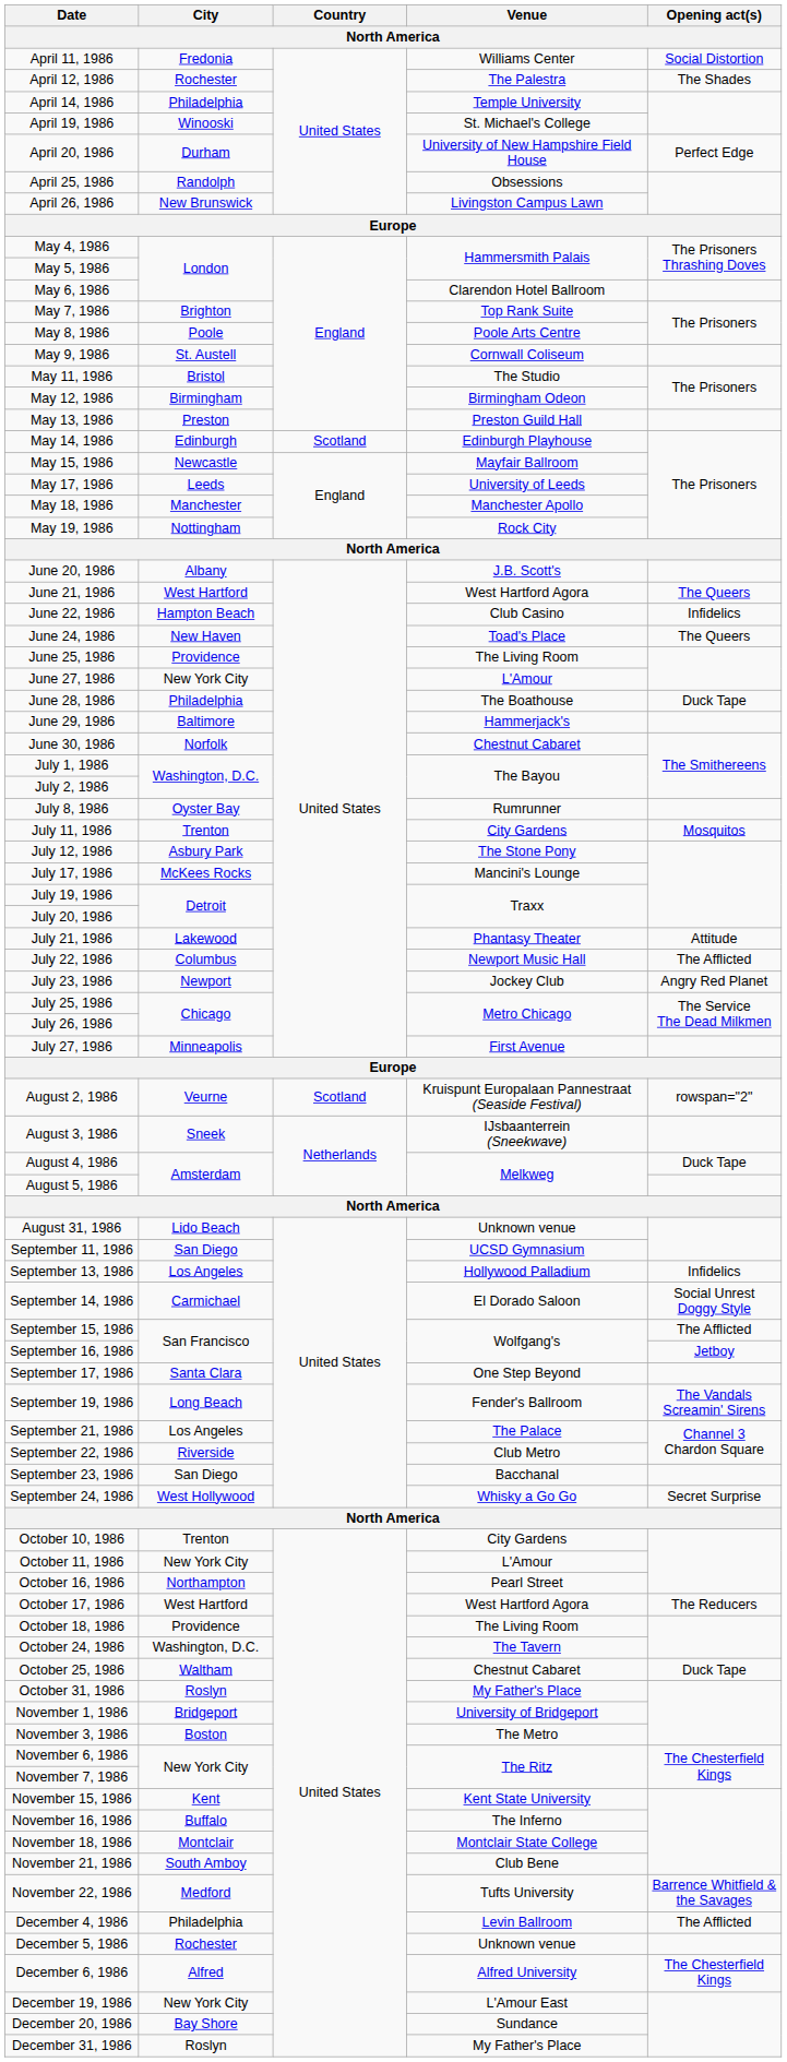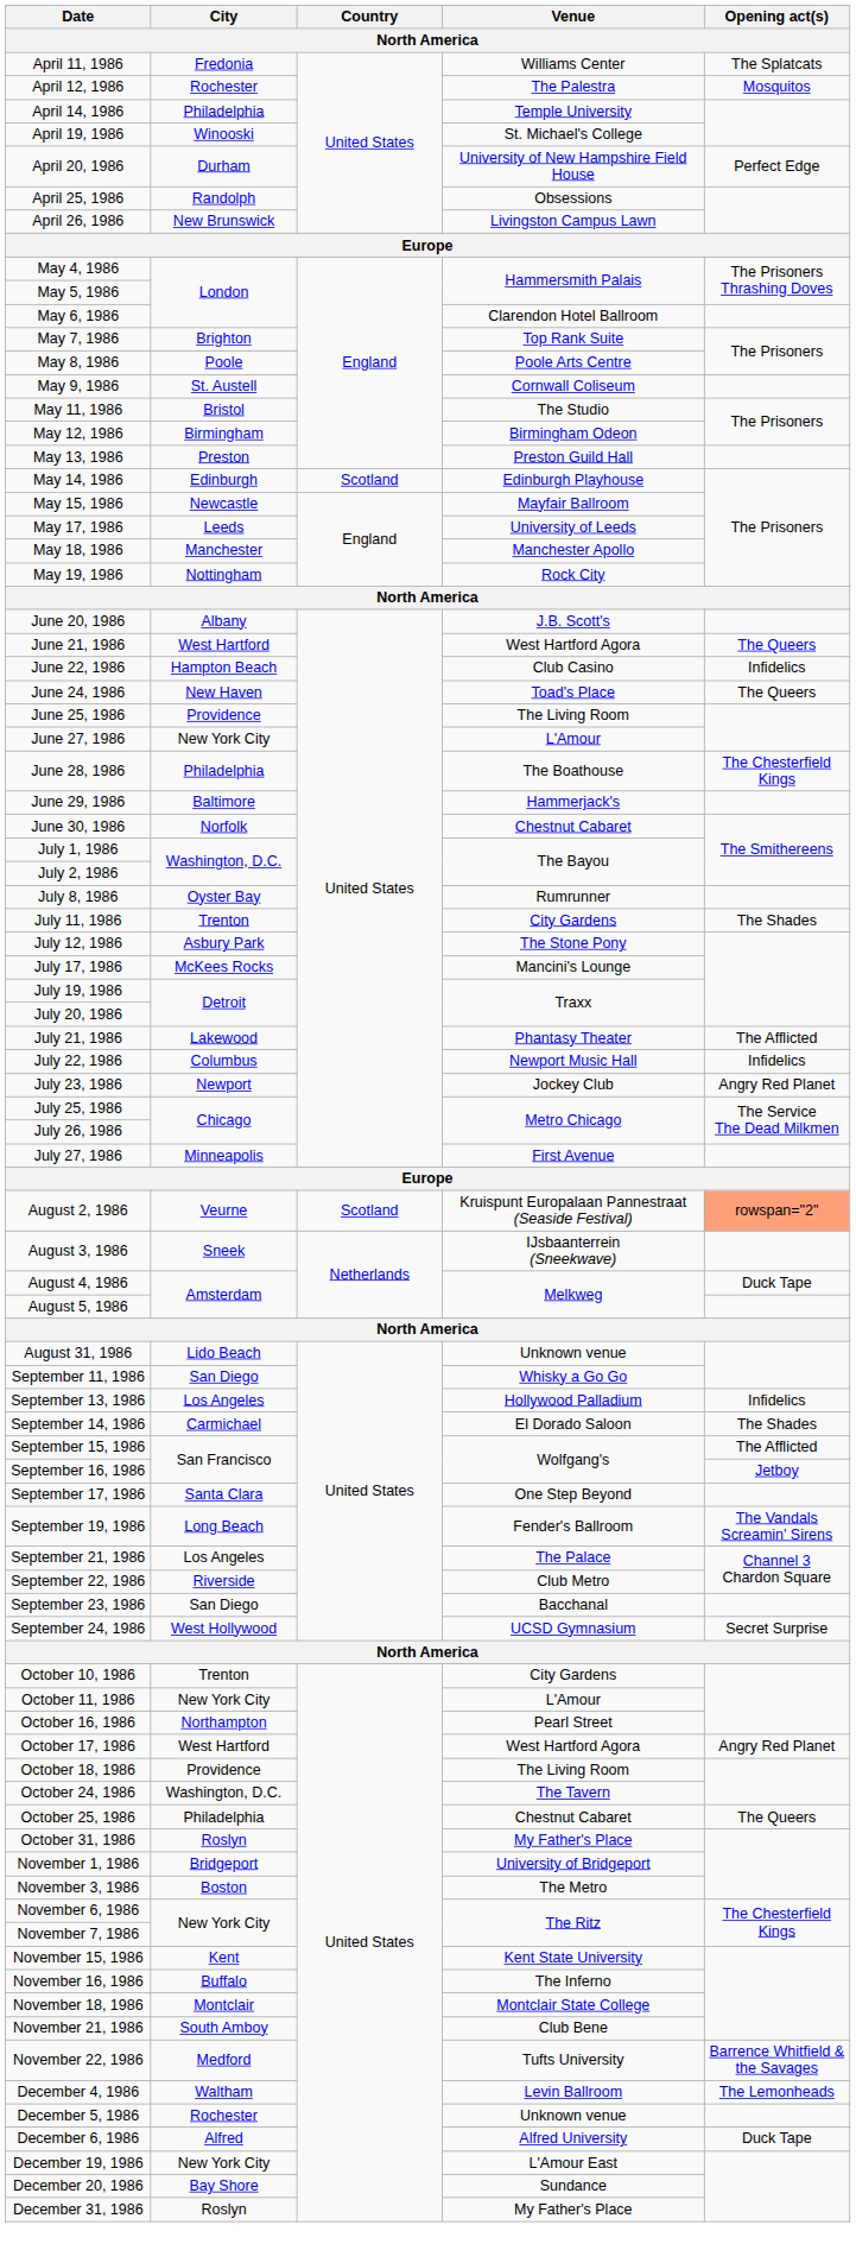 <table class="wikitable" style="text-align:center;">
 <tr>
 <th width="150">Date</th>
 <th width="150">City</th>
 <th width="150">Country</th>
 <th width="275">Venue</th>
 <th width="150">Opening act(s)</th>
 </tr>
 <tr>
 <th colspan="5">North America</th>
 </tr>
 <tr>
 <td>April 11, 1986</td>
 <td><a href='#'>Fredonia</a></td>
 <td rowspan="7"><a href='#'>United States</a></td>
 <td>Williams Center</td>
-<td><a href='#'>Social Distortion</a></td>
+<td>The Splatcats</td>
 </tr>
 <tr>
 <td>April 12, 1986</td>
 <td><a href='#'>Rochester</a></td>
 <td><a href='#'>The Palestra</a></td>
-<td>The Shades</td>
+<td><a href='#'>Mosquitos</a></td>
 </tr>
 <tr>
 <td>April 14, 1986</td>
 <td><a href='#'>Philadelphia</a></td>
 <td><a href='#'>Temple University</a></td>
 <td rowspan="2"></td>
 </tr>
 <tr>
 <td>April 19, 1986</td>
 <td><a href='#'>Winooski</a></td>
 <td>St. Michael's College</td>
 </tr>
 <tr>
 <td>April 20, 1986</td>
 <td><a href='#'>Durham</a></td>
 <td><a href='#'>University of New Hampshire Field House</a></td>
 <td>Perfect Edge</td>
 </tr>
 <tr>
 <td>April 25, 1986</td>
 <td><a href='#'>Randolph</a></td>
 <td>Obsessions</td>
 <td rowspan="2"></td>
 </tr>
 <tr>
 <td>April 26, 1986</td>
 <td><a href='#'>New Brunswick</a></td>
 <td><a href='#'>Livingston Campus Lawn</a></td>
 </tr>
 <tr>
 <th colspan="5">Europe</th>
 </tr>
 <tr>
 <td>May 4, 1986</td>
 <td rowspan="3"><a href='#'>London</a></td>
 <td rowspan="9"><a href='#'>England</a></td>
 <td rowspan="2"><a href='#'>Hammersmith Palais</a></td>
 <td rowspan="2">The Prisoners<br><a href='#'>Thrashing Doves</a></td>
 </tr>
 <tr>
 <td>May 5, 1986</td>
 </tr>
 <tr>
 <td>May 6, 1986</td>
 <td>Clarendon Hotel Ballroom</td>
 <td></td>
 </tr>
 <tr>
 <td>May 7, 1986</td>
 <td><a href='#'>Brighton</a></td>
 <td><a href='#'>Top Rank Suite</a></td>
 <td rowspan="2">The Prisoners</td>
 </tr>
 <tr>
 <td>May 8, 1986</td>
 <td><a href='#'>Poole</a></td>
 <td><a href='#'>Poole Arts Centre</a></td>
 </tr>
 <tr>
 <td>May 9, 1986</td>
 <td><a href='#'>St. Austell</a></td>
 <td><a href='#'>Cornwall Coliseum</a></td>
 <td></td>
 </tr>
 <tr>
 <td>May 11, 1986</td>
 <td><a href='#'>Bristol</a></td>
 <td>The Studio</td>
 <td rowspan="2">The Prisoners</td>
 </tr>
 <tr>
 <td>May 12, 1986</td>
 <td><a href='#'>Birmingham</a></td>
 <td><a href='#'>Birmingham Odeon</a></td>
 </tr>
 <tr>
 <td>May 13, 1986</td>
 <td><a href='#'>Preston</a></td>
 <td><a href='#'>Preston Guild Hall</a></td>
 <td></td>
 </tr>
 <tr>
 <td>May 14, 1986</td>
 <td><a href='#'>Edinburgh</a></td>
 <td><a href='#'>Scotland</a></td>
 <td><a href='#'>Edinburgh Playhouse</a></td>
 <td rowspan="5">The Prisoners</td>
 </tr>
 <tr>
 <td>May 15, 1986</td>
 <td><a href='#'>Newcastle</a></td>
 <td rowspan="4">England</td>
 <td><a href='#'>Mayfair Ballroom</a></td>
 </tr>
 <tr>
 <td>May 17, 1986</td>
 <td><a href='#'>Leeds</a></td>
 <td><a href='#'>University of Leeds</a></td>
 </tr>
 <tr>
 <td>May 18, 1986</td>
 <td><a href='#'>Manchester</a></td>
 <td><a href='#'>Manchester Apollo</a></td>
 </tr>
 <tr>
 <td>May 19, 1986</td>
 <td><a href='#'>Nottingham</a></td>
 <td><a href='#'>Rock City</a></td>
 </tr>
 <tr>
 <th colspan="5">North America</th>
 </tr>
 <tr>
 <td>June 20, 1986</td>
 <td><a href='#'>Albany</a></td>
 <td rowspan="23">United States</td>
 <td><a href='#'>J.B. Scott's</a></td>
 <td></td>
 </tr>
 <tr>
 <td>June 21, 1986</td>
 <td><a href='#'>West Hartford</a></td>
 <td>West Hartford Agora</td>
 <td><a href='#'>The Queers</a></td>
 </tr>
 <tr>
 <td>June 22, 1986</td>
 <td><a href='#'>Hampton Beach</a></td>
 <td>Club Casino</td>
 <td>Infidelics</td>
 </tr>
 <tr>
 <td>June 24, 1986</td>
 <td><a href='#'>New Haven</a></td>
 <td><a href='#'>Toad's Place</a></td>
 <td>The Queers</td>
 </tr>
 <tr>
 <td>June 25, 1986</td>
 <td><a href='#'>Providence</a></td>
 <td>The Living Room</td>
 <td rowspan="2"></td>
 </tr>
 <tr>
 <td>June 27, 1986</td>
 <td>New York City</td>
 <td><a href='#'>L'Amour</a></td>
 </tr>
 <tr>
 <td>June 28, 1986</td>
 <td><a href='#'>Philadelphia</a></td>
 <td>The Boathouse</td>
-<td>Duck Tape</td>
+<td><a href='#'>The Chesterfield Kings</a></td>
 </tr>
 <tr>
 <td>June 29, 1986</td>
 <td><a href='#'>Baltimore</a></td>
 <td><a href='#'>Hammerjack's</a></td>
 <td></td>
 </tr>
 <tr>
 <td>June 30, 1986</td>
 <td><a href='#'>Norfolk</a></td>
 <td><a href='#'>Chestnut Cabaret</a></td>
 <td rowspan="3"><a href='#'>The Smithereens</a></td>
 </tr>
 <tr>
 <td>July 1, 1986</td>
 <td rowspan="2"><a href='#'>Washington, D.C.</a></td>
 <td rowspan="2">The Bayou</td>
 </tr>
 <tr>
 <td>July 2, 1986</td>
 </tr>
 <tr>
 <td>July 8, 1986</td>
 <td><a href='#'>Oyster Bay</a></td>
 <td>Rumrunner</td>
 <td></td>
 </tr>
 <tr>
 <td>July 11, 1986</td>
 <td><a href='#'>Trenton</a></td>
 <td><a href='#'>City Gardens</a></td>
-<td><a href='#'>Mosquitos</a></td>
+<td>The Shades</td>
 </tr>
 <tr>
 <td>July 12, 1986</td>
 <td><a href='#'>Asbury Park</a></td>
 <td><a href='#'>The Stone Pony</a></td>
 <td rowspan="4"></td>
 </tr>
 <tr>
 <td>July 17, 1986</td>
 <td><a href='#'>McKees Rocks</a></td>
 <td>Mancini's Lounge</td>
 </tr>
 <tr>
 <td>July 19, 1986</td>
 <td rowspan="2"><a href='#'>Detroit</a></td>
 <td rowspan="2">Traxx</td>
 </tr>
 <tr>
 <td>July 20, 1986</td>
 </tr>
 <tr>
 <td>July 21, 1986</td>
 <td><a href='#'>Lakewood</a></td>
 <td><a href='#'>Phantasy Theater</a></td>
-<td>Attitude</td>
+<td>The Afflicted</td>
 </tr>
 <tr>
 <td>July 22, 1986</td>
 <td><a href='#'>Columbus</a></td>
 <td><a href='#'>Newport Music Hall</a></td>
-<td>The Afflicted</td>
+<td>Infidelics</td>
 </tr>
 <tr>
 <td>July 23, 1986</td>
 <td><a href='#'>Newport</a></td>
 <td>Jockey Club</td>
 <td>Angry Red Planet</td>
 </tr>
 <tr>
 <td>July 25, 1986</td>
 <td rowspan="2"><a href='#'>Chicago</a></td>
 <td rowspan="2"><a href='#'>Metro Chicago</a></td>
 <td rowspan="2">The Service<br><a href='#'>The Dead Milkmen</a></td>
 </tr>
 <tr>
 <td>July 26, 1986</td>
 </tr>
 <tr>
 <td>July 27, 1986</td>
 <td><a href='#'>Minneapolis</a></td>
 <td><a href='#'>First Avenue</a></td>
 <td></td>
 </tr>
 <tr>
 <th colspan="5">Europe</th>
 </tr>
 <tr>
 <td>August 2, 1986</td>
 <td><a href='#'>Veurne</a></td>
 <td><a href='#'>Scotland</a></td>
 <td>Kruispunt Europalaan Pannestraat<br><em>(Seaside Festival)</em></td>
-<td>rowspan="2" </td>
+<td style="background: lightsalmon;">rowspan="2" </td>
 </tr>
 <tr>
 <td>August 3, 1986</td>
 <td><a href='#'>Sneek</a></td>
 <td rowspan="3"><a href='#'>Netherlands</a></td>
 <td>IJsbaanterrein<br><em>(Sneekwave)</em></td>
 </tr>
 <tr>
 <td>August 4, 1986</td>
 <td rowspan="2"><a href='#'>Amsterdam</a></td>
 <td rowspan="2"><a href='#'>Melkweg</a></td>
 <td>Duck Tape</td>
 </tr>
 <tr>
 <td>August 5, 1986</td>
 <td></td>
 </tr>
 <tr>
 <th colspan="5">North America</th>
 </tr>
 <tr>
 <td>August 31, 1986</td>
 <td><a href='#'>Lido Beach</a></td>
 <td rowspan="12">United States</td>
 <td>Unknown venue</td>
 <td rowspan="2"></td>
 </tr>
 <tr>
 <td>September 11, 1986</td>
 <td><a href='#'>San Diego</a></td>
-<td><a href='#'>UCSD Gymnasium</a></td>
+<td><a href='#'>Whisky a Go Go</a></td>
 </tr>
 <tr>
 <td>September 13, 1986</td>
 <td><a href='#'>Los Angeles</a></td>
 <td><a href='#'>Hollywood Palladium</a></td>
 <td>Infidelics</td>
 </tr>
 <tr>
 <td>September 14, 1986</td>
 <td><a href='#'>Carmichael</a></td>
 <td>El Dorado Saloon</td>
-<td>Social Unrest<br><a href='#'>Doggy Style</a></td>
+<td>The Shades</td>
 </tr>
 <tr>
 <td>September 15, 1986</td>
 <td rowspan="2">San Francisco</td>
 <td rowspan="2">Wolfgang's</td>
 <td>The Afflicted</td>
 </tr>
 <tr>
 <td>September 16, 1986</td>
 <td><a href='#'>Jetboy</a></td>
 </tr>
 <tr>
 <td>September 17, 1986</td>
 <td><a href='#'>Santa Clara</a></td>
 <td>One Step Beyond</td>
 <td></td>
 </tr>
 <tr>
 <td>September 19, 1986</td>
 <td><a href='#'>Long Beach</a></td>
 <td>Fender's Ballroom</td>
 <td><a href='#'>The Vandals</a><br><a href='#'>Screamin' Sirens</a></td>
 </tr>
 <tr>
 <td>September 21, 1986</td>
 <td>Los Angeles</td>
 <td><a href='#'>The Palace</a></td>
 <td rowspan="2"><a href='#'>Channel 3</a><br>Chardon Square</td>
 </tr>
 <tr>
 <td>September 22, 1986</td>
 <td><a href='#'>Riverside</a></td>
 <td>Club Metro</td>
 </tr>
 <tr>
 <td>September 23, 1986</td>
 <td>San Diego</td>
 <td>Bacchanal</td>
 <td></td>
 </tr>
 <tr>
 <td>September 24, 1986</td>
 <td><a href='#'>West Hollywood</a></td>
-<td><a href='#'>Whisky a Go Go</a></td>
+<td><a href='#'>UCSD Gymnasium</a></td>
 <td>Secret Surprise</td>
 </tr>
 <tr>
 <th colspan="5">North America</th>
 </tr>
 <tr>
 <td>October 10, 1986</td>
 <td>Trenton</td>
 <td rowspan="23">United States</td>
 <td>City Gardens</td>
 <td rowspan="3"></td>
 </tr>
 <tr>
 <td>October 11, 1986</td>
 <td>New York City</td>
 <td>L'Amour</td>
 </tr>
 <tr>
 <td>October 16, 1986</td>
 <td><a href='#'>Northampton</a></td>
 <td>Pearl Street</td>
 </tr>
 <tr>
 <td>October 17, 1986</td>
 <td>West Hartford</td>
 <td>West Hartford Agora</td>
-<td>The Reducers</td>
+<td>Angry Red Planet</td>
 </tr>
 <tr>
 <td>October 18, 1986</td>
 <td>Providence</td>
 <td>The Living Room</td>
 <td rowspan="2"></td>
 </tr>
 <tr>
 <td>October 24, 1986</td>
 <td>Washington, D.C.</td>
 <td><a href='#'>The Tavern</a></td>
 </tr>
 <tr>
 <td>October 25, 1986</td>
-<td><a href='#'>Waltham</a></td>
+<td>Philadelphia</td>
 <td>Chestnut Cabaret</td>
-<td>Duck Tape</td>
+<td>The Queers</td>
 </tr>
 <tr>
 <td>October 31, 1986</td>
 <td><a href='#'>Roslyn</a></td>
 <td><a href='#'>My Father's Place</a></td>
 <td rowspan="3"></td>
 </tr>
 <tr>
 <td>November 1, 1986</td>
 <td><a href='#'>Bridgeport</a></td>
 <td><a href='#'>University of Bridgeport</a></td>
 </tr>
 <tr>
 <td>November 3, 1986</td>
 <td><a href='#'>Boston</a></td>
 <td>The Metro</td>
 </tr>
 <tr>
 <td>November 6, 1986</td>
 <td rowspan="2">New York City</td>
 <td rowspan="2"><a href='#'>The Ritz</a></td>
 <td rowspan="2"><a href='#'>The Chesterfield Kings</a></td>
 </tr>
 <tr>
 <td>November 7, 1986</td>
 </tr>
 <tr>
 <td>November 15, 1986</td>
 <td><a href='#'>Kent</a></td>
 <td><a href='#'>Kent State University</a></td>
 <td rowspan="4"></td>
 </tr>
 <tr>
 <td>November 16, 1986</td>
 <td><a href='#'>Buffalo</a></td>
 <td>The Inferno</td>
 </tr>
 <tr>
 <td>November 18, 1986</td>
 <td><a href='#'>Montclair</a></td>
 <td><a href='#'>Montclair State College</a></td>
 </tr>
 <tr>
 <td>November 21, 1986</td>
 <td><a href='#'>South Amboy</a></td>
 <td>Club Bene</td>
 </tr>
 <tr>
 <td>November 22, 1986 </td>
 <td><a href='#'>Medford</a></td>
 <td>Tufts University</td>
 <td><a href='#'>Barrence Whitfield & the Savages</a></td>
 </tr>
 <tr>
 <td>December 4, 1986</td>
-<td>Philadelphia</td>
+<td><a href='#'>Waltham</a></td>
 <td><a href='#'>Levin Ballroom</a></td>
-<td>The Afflicted</td>
+<td><a href='#'>The Lemonheads</a></td>
 </tr>
 <tr>
 <td>December 5, 1986</td>
 <td><a href='#'>Rochester</a></td>
 <td>Unknown venue</td>
 <td></td>
 </tr>
 <tr>
 <td>December 6, 1986</td>
 <td><a href='#'>Alfred</a></td>
 <td><a href='#'>Alfred University</a></td>
-<td><a href='#'>The Chesterfield Kings</a></td>
+<td>Duck Tape</td>
 </tr>
 <tr>
 <td>December 19, 1986</td>
 <td>New York City</td>
 <td>L'Amour East</td>
 <td rowspan="3"></td>
 </tr>
 <tr>
 <td>December 20, 1986</td>
 <td><a href='#'>Bay Shore</a></td>
 <td>Sundance</td>
 </tr>
 <tr>
 <td>December 31, 1986</td>
 <td>Roslyn</td>
 <td>My Father's Place</td>
 </tr>
 </table>
